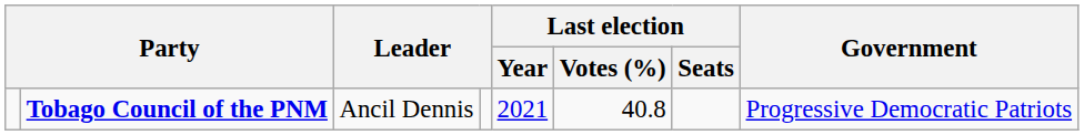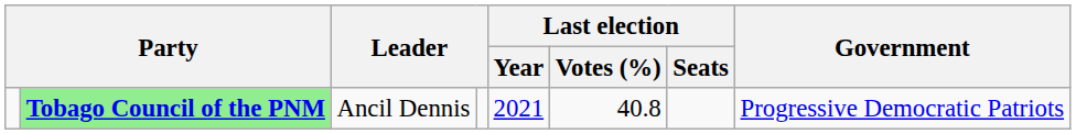 <table class="wikitable" style="font-size:95%;">
 <tr>
 <th colspan="2" rowspan="2" style="width:140px">Party</th>
 <th colspan="2" rowspan="2">Leader</th>
 <th colspan="3">Last election</th>
 <th rowspan="2">Government</th>
 </tr>
 <tr>
 <th>Year</th>
 <th>Votes (%)</th>
 <th>Seats</th>
 </tr>
 <tr>
 <td rowspan="2" style="width:2px;background:"></td>
-<td><a href='#'><strong>Tobago Council of the PNM</strong></a></td>
+<td style="background: lightgreen;"><a href='#'><strong>Tobago Council of the PNM</strong></a></td>
 <td rowspan="2">Ancil Dennis</td>
 <td></td>
 <td rowspan="2"><a href='#'>2021</a></td>
 <td rowspan="2" style="text-align:right;">40.8</td>
 <td rowspan="2"></td>
 <td rowspan="2"><a href='#'>Progressive Democratic Patriots</a></td>
 </tr>
 </table>
